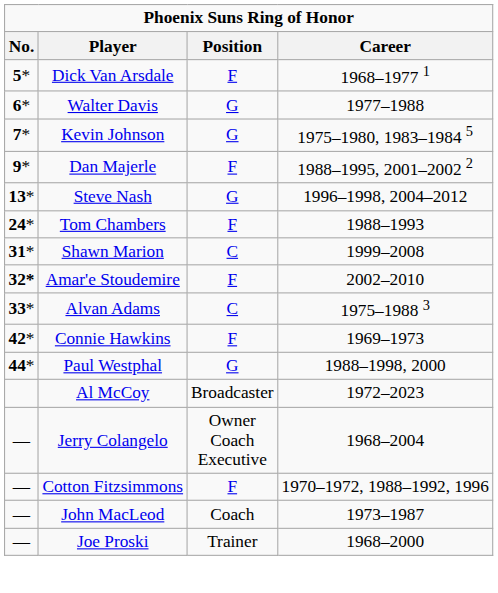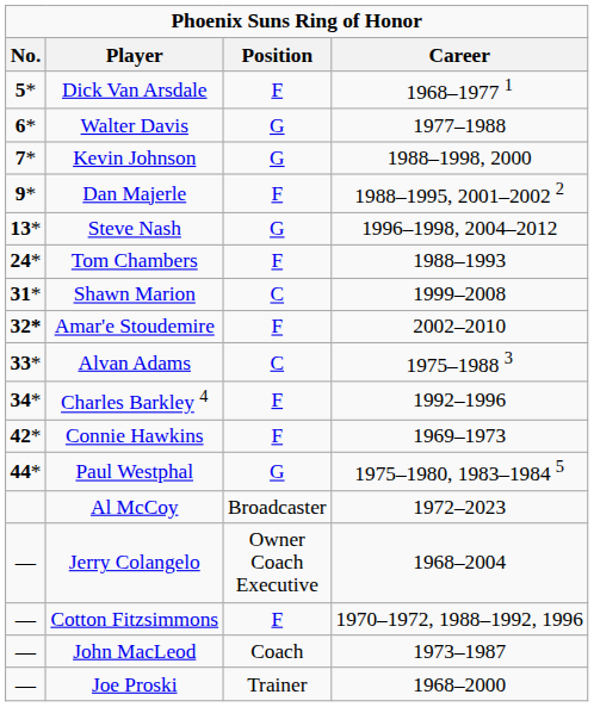 <table class="wikitable sortable" style="text-align:center">
 <tr>
 <td colspan="4"><strong>Phoenix Suns Ring of Honor</strong></td>
 </tr>
 <tr>
 <th>No.</th>
 <th>Player</th>
 <th>Position</th>
 <th>Career</th>
 </tr>
 <tr>
 <td><strong>5</strong>*</td>
 <td><a href='#'>Dick Van Arsdale</a></td>
 <td><a href='#'>F</a></td>
 <td>1968–1977 <sup>1</sup></td>
 </tr>
 <tr>
 <td><strong>6</strong>*</td>
 <td><a href='#'>Walter Davis</a></td>
 <td><a href='#'>G</a></td>
 <td>1977–1988</td>
 </tr>
 <tr>
 <td><strong>7</strong>*</td>
 <td><a href='#'>Kevin Johnson</a></td>
 <td><a href='#'>G</a></td>
-<td>1975–1980, 1983–1984 <sup>5</sup></td>
+<td>1988–1998, 2000</td>
 </tr>
 <tr>
 <td><strong>9</strong>*</td>
 <td><a href='#'>Dan Majerle</a></td>
 <td><a href='#'>F</a></td>
 <td>1988–1995, 2001–2002 <sup>2</sup></td>
 </tr>
 <tr>
 <td><strong>13</strong>*</td>
 <td><a href='#'>Steve Nash</a></td>
 <td><a href='#'>G</a></td>
 <td>1996–1998, 2004–2012</td>
 </tr>
 <tr>
 <td><strong>24</strong>*</td>
 <td><a href='#'>Tom Chambers</a></td>
 <td><a href='#'>F</a></td>
 <td>1988–1993</td>
 </tr>
 <tr>
 <td><strong>31</strong>*</td>
 <td><a href='#'>Shawn Marion</a></td>
 <td><a href='#'>C</a></td>
 <td>1999–2008</td>
 </tr>
 <tr>
 <td><strong>32*</strong></td>
 <td><a href='#'>Amar'e Stoudemire</a></td>
 <td><a href='#'>F</a></td>
 <td>2002–2010</td>
 </tr>
 <tr>
 <td><strong>33</strong>*</td>
 <td><a href='#'>Alvan Adams</a></td>
 <td><a href='#'>C</a></td>
 <td>1975–1988 <sup>3</sup></td>
 </tr>
 <tr>
+<td><strong>34</strong>*</td>
+<td><a href='#'>Charles Barkley</a> <sup>4</sup></td>
+<td><a href='#'>F</a></td>
+<td>1992–1996</td>
+</tr>
+<tr>
 <td><strong>42</strong>*</td>
 <td><a href='#'>Connie Hawkins</a></td>
 <td><a href='#'>F</a></td>
 <td>1969–1973</td>
 </tr>
 <tr>
 <td><strong>44</strong>*</td>
 <td><a href='#'>Paul Westphal</a></td>
 <td><a href='#'>G</a></td>
-<td>1988–1998, 2000</td>
+<td>1975–1980, 1983–1984 <sup>5</sup></td>
 </tr>
 <tr>
 <td></td>
 <td><a href='#'>Al McCoy</a></td>
 <td>Broadcaster</td>
 <td>1972–2023</td>
 </tr>
 <tr>
 <td>—</td>
 <td><a href='#'>Jerry Colangelo</a></td>
 <td>Owner<br>Coach<br>Executive</td>
 <td>1968–2004</td>
 </tr>
 <tr>
 <td>—</td>
 <td><a href='#'>Cotton Fitzsimmons</a></td>
 <td><a href='#'>F</a></td>
 <td>1970–1972, 1988–1992, 1996</td>
 </tr>
 <tr>
 <td>—</td>
 <td><a href='#'>John MacLeod</a></td>
 <td>Coach</td>
 <td>1973–1987</td>
 </tr>
 <tr>
 <td>—</td>
 <td><a href='#'>Joe Proski</a></td>
 <td>Trainer</td>
 <td>1968–2000</td>
 </tr>
 </table>
